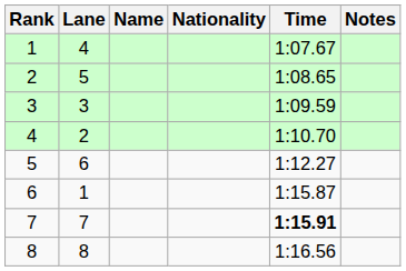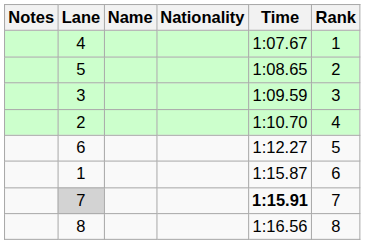 <table class="wikitable sortable" style="text-align:center">
 <tr>
-<th>Rank</th>
+<th>Notes</th>
 <th>Lane</th>
 <th>Name</th>
 <th>Nationality</th>
 <th>Time</th>
-<th>Notes</th>
+<th>Rank</th>
 </tr>
 <tr bgcolor=ccffcc>
-<td>1</td>
+<td><strong></strong></td>
 <td>4</td>
 <td align=left></td>
 <td align=left></td>
 <td>1:07.67</td>
-<td><strong></strong></td>
+<td>1</td>
 </tr>
 <tr bgcolor=ccffcc>
-<td>2</td>
+<td><strong></strong></td>
 <td>5</td>
 <td align=left></td>
 <td align=left></td>
 <td>1:08.65</td>
-<td><strong></strong></td>
+<td>2</td>
 </tr>
 <tr bgcolor=ccffcc>
-<td>3</td>
+<td><strong></strong></td>
 <td>3</td>
 <td align=left></td>
 <td align=left></td>
 <td>1:09.59</td>
-<td><strong></strong></td>
+<td>3</td>
 </tr>
 <tr bgcolor=ccffcc>
-<td>4</td>
+<td><strong></strong></td>
 <td>2</td>
 <td align=left></td>
 <td align=left></td>
 <td>1:10.70</td>
-<td><strong></strong></td>
+<td>4</td>
 </tr>
 <tr>
-<td>5</td>
+<td></td>
 <td>6</td>
 <td align=left></td>
 <td align=left></td>
 <td>1:12.27</td>
-<td></td>
+<td>5</td>
 </tr>
 <tr>
-<td>6</td>
+<td></td>
 <td>1</td>
 <td align=left></td>
 <td align=left></td>
 <td>1:15.87</td>
-<td></td>
+<td>6</td>
 </tr>
 <tr>
-<td>7</td>
-<td>7</td>
+<td></td>
+<td style="background: lightgrey;">7</td>
 <td align=left></td>
 <td align=left></td>
 <td><strong>1:15.91</strong></td>
-<td></td>
+<td>7</td>
 </tr>
 <tr>
-<td>8</td>
+<td></td>
 <td>8</td>
 <td align=left></td>
 <td align=left></td>
 <td>1:16.56</td>
-<td></td>
+<td>8</td>
 </tr>
 </table>
